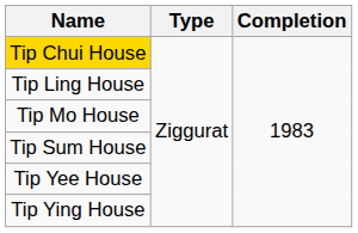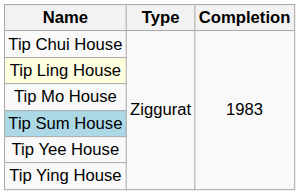 <table class="wikitable" style="text-align: center">
 <tr>
 <th>Name</th>
 <th>Type</th>
 <th>Completion</th>
 </tr>
 <tr>
-<td style="background: gold;">Tip Chui House</td>
+<td>Tip Chui House</td>
 <td rowspan="6">Ziggurat</td>
 <td rowspan="6">1983</td>
 </tr>
 <tr>
-<td>Tip Ling House</td>
+<td style="background: lightyellow;">Tip Ling House</td>
 </tr>
 <tr>
 <td>Tip Mo House</td>
 </tr>
 <tr>
-<td>Tip Sum House</td>
+<td style="background: lightblue;">Tip Sum House</td>
 </tr>
 <tr>
 <td>Tip Yee House</td>
 </tr>
 <tr>
 <td>Tip Ying House</td>
 </tr>
 </table>
